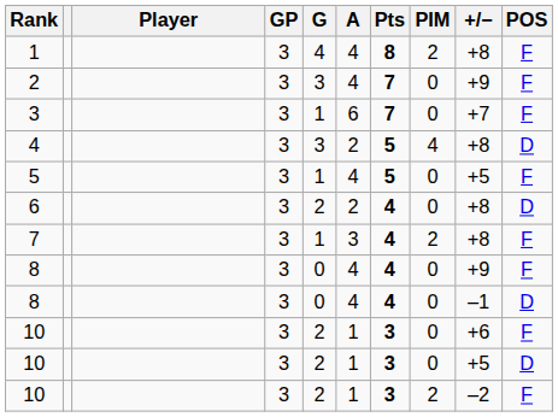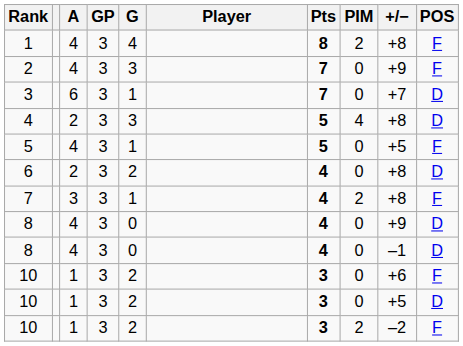 <table class="wikitable sortable" style="text-align:center;">
 <tr>
 <th width=30>Rank</th>
 <th></th>
-<th width=150>Player</th>
+<th width=20>A</th>
 <th width=20>GP</th>
 <th width=20>G</th>
-<th width=20>A</th>
+<th width=150>Player</th>
 <th width=20>Pts</th>
 <th width=30>PIM</th>
 <th width=30>+/−</th>
 <th width=30>POS</th>
 </tr>
 <tr>
 <td>1</td>
 <td></td>
-<td align=left></td>
+<td>4</td>
 <td>3</td>
 <td>4</td>
-<td>4</td>
+<td align=left></td>
 <td><strong>8</strong></td>
 <td>2</td>
 <td>+8</td>
 <td><a href='#'>F</a></td>
 </tr>
 <tr>
 <td>2</td>
 <td></td>
-<td align=left></td>
+<td>4</td>
 <td>3</td>
 <td>3</td>
-<td>4</td>
+<td align=left></td>
 <td><strong>7</strong></td>
 <td>0</td>
 <td>+9</td>
 <td><a href='#'>F</a></td>
 </tr>
 <tr>
 <td>3</td>
 <td></td>
-<td align=left></td>
+<td>6</td>
 <td>3</td>
 <td>1</td>
-<td>6</td>
+<td align=left></td>
 <td><strong>7</strong></td>
 <td>0</td>
 <td>+7</td>
-<td><a href='#'>F</a></td>
+<td><a href='#'>D</a></td>
 </tr>
 <tr>
 <td>4</td>
 <td></td>
-<td align=left></td>
+<td>2</td>
 <td>3</td>
 <td>3</td>
-<td>2</td>
+<td align=left></td>
 <td><strong>5</strong></td>
 <td>4</td>
 <td>+8</td>
 <td><a href='#'>D</a></td>
 </tr>
 <tr>
 <td>5</td>
 <td></td>
-<td align=left></td>
+<td>4</td>
 <td>3</td>
 <td>1</td>
-<td>4</td>
+<td align=left></td>
 <td><strong>5</strong></td>
 <td>0</td>
 <td>+5</td>
 <td><a href='#'>F</a></td>
 </tr>
 <tr>
 <td>6</td>
 <td></td>
-<td align=left></td>
+<td>2</td>
 <td>3</td>
 <td>2</td>
-<td>2</td>
+<td align=left></td>
 <td><strong>4</strong></td>
 <td>0</td>
 <td>+8</td>
 <td><a href='#'>D</a></td>
 </tr>
 <tr>
 <td>7</td>
 <td></td>
-<td align=left></td>
+<td>3</td>
 <td>3</td>
 <td>1</td>
-<td>3</td>
+<td align=left></td>
 <td><strong>4</strong></td>
 <td>2</td>
 <td>+8</td>
 <td><a href='#'>F</a></td>
 </tr>
 <tr>
 <td>8</td>
 <td></td>
-<td align=left></td>
+<td>4</td>
 <td>3</td>
 <td>0</td>
-<td>4</td>
+<td align=left></td>
 <td><strong>4</strong></td>
 <td>0</td>
 <td>+9</td>
-<td><a href='#'>F</a></td>
+<td><a href='#'>D</a></td>
 </tr>
 <tr>
 <td>8</td>
 <td></td>
-<td align=left></td>
+<td>4</td>
 <td>3</td>
 <td>0</td>
-<td>4</td>
+<td align=left></td>
 <td><strong>4</strong></td>
 <td>0</td>
 <td>–1</td>
 <td><a href='#'>D</a></td>
 </tr>
 <tr>
 <td>10</td>
 <td></td>
-<td align=left></td>
+<td>1</td>
 <td>3</td>
 <td>2</td>
-<td>1</td>
+<td align=left></td>
 <td><strong>3</strong></td>
 <td>0</td>
 <td>+6</td>
 <td><a href='#'>F</a></td>
 </tr>
 <tr>
 <td>10</td>
 <td></td>
-<td align=left></td>
+<td>1</td>
 <td>3</td>
 <td>2</td>
-<td>1</td>
+<td align=left></td>
 <td><strong>3</strong></td>
 <td>0</td>
 <td>+5</td>
 <td><a href='#'>D</a></td>
 </tr>
 <tr>
 <td>10</td>
 <td></td>
-<td align=left></td>
+<td>1</td>
 <td>3</td>
 <td>2</td>
-<td>1</td>
+<td align=left></td>
 <td><strong>3</strong></td>
 <td>2</td>
 <td>–2</td>
 <td><a href='#'>F</a></td>
 </tr>
 </table>
